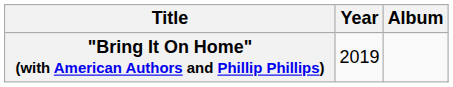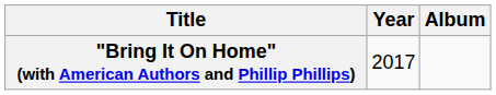 <table class="wikitable plainrowheaders" style="text-align:center;">
 <tr>
 <th scope="col" style="width:18em;">Title</th>
 <th scope="col" style="width:1em;">Year</th>
 <th scope="col">Album</th>
 </tr>
 <tr>
 <th scope="row">"Bring It On Home"<br><small>(with <a href='#'>American Authors</a> and <a href='#'>Phillip Phillips</a>)</small></th>
-<td>2019</td>
+<td>2017</td>
 <td></td>
 </tr>
 </table>
